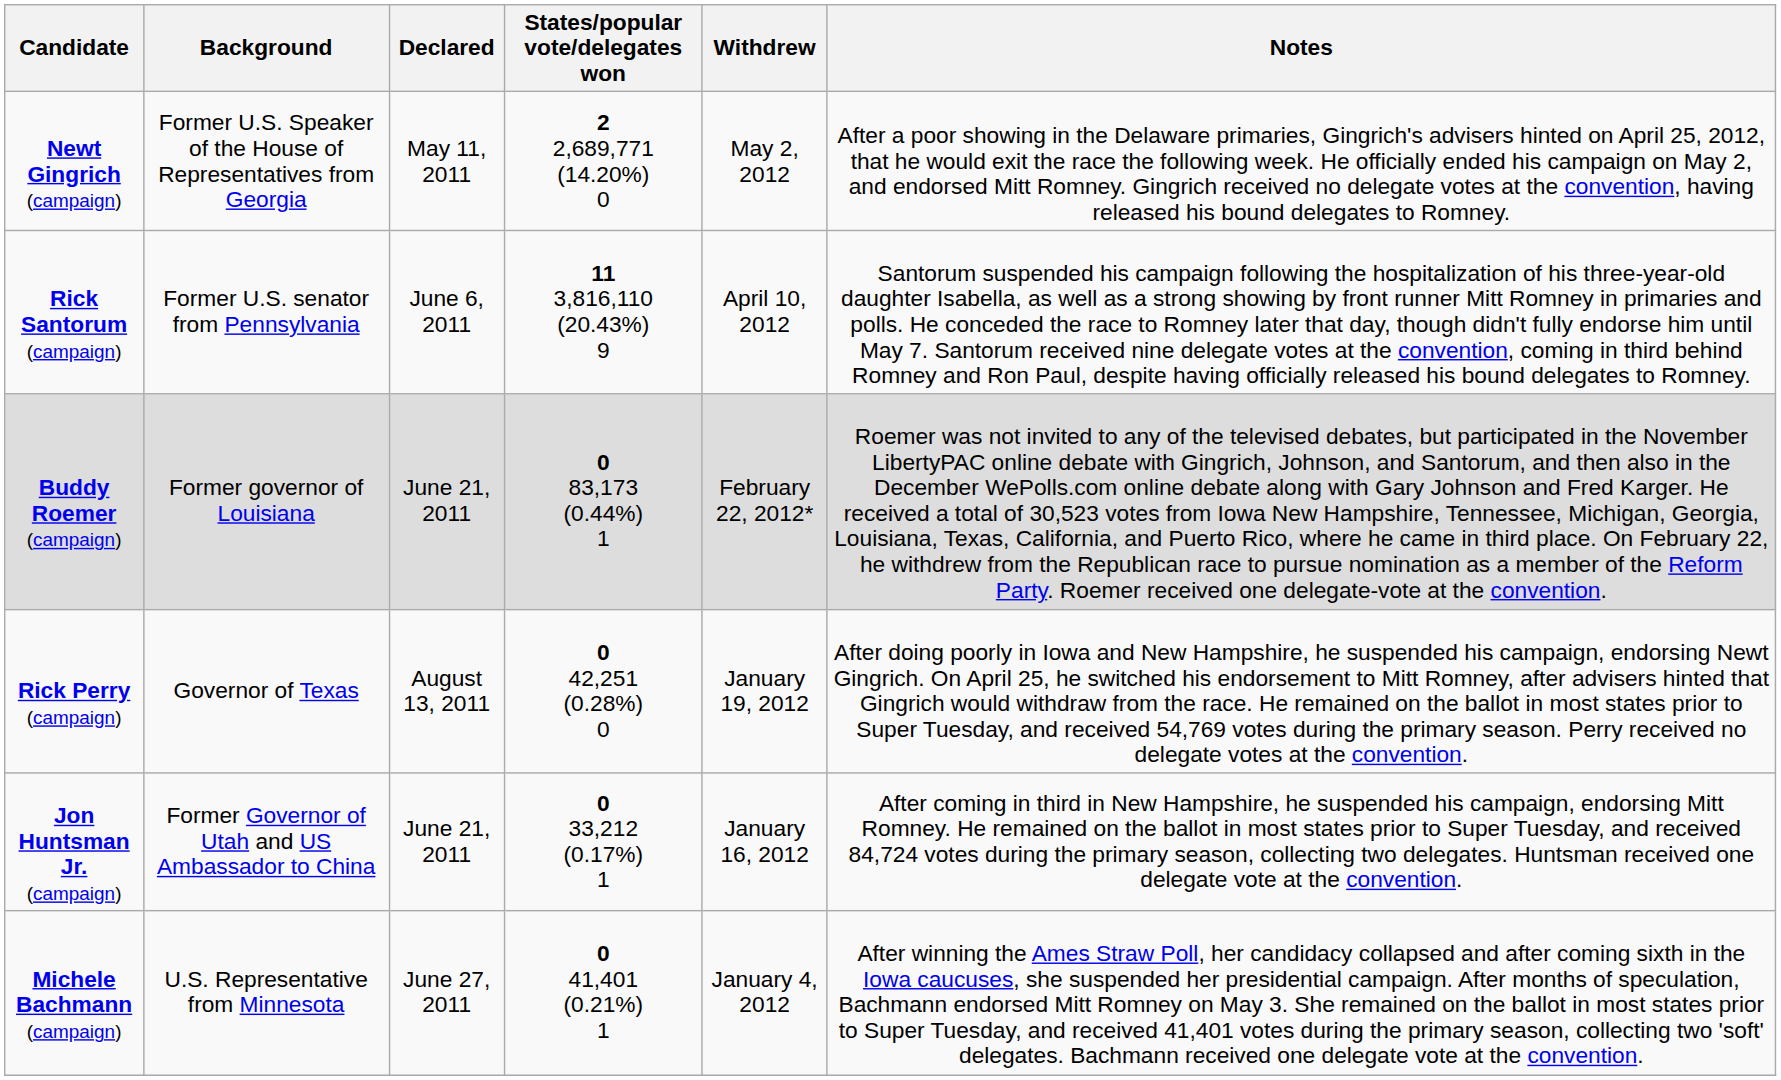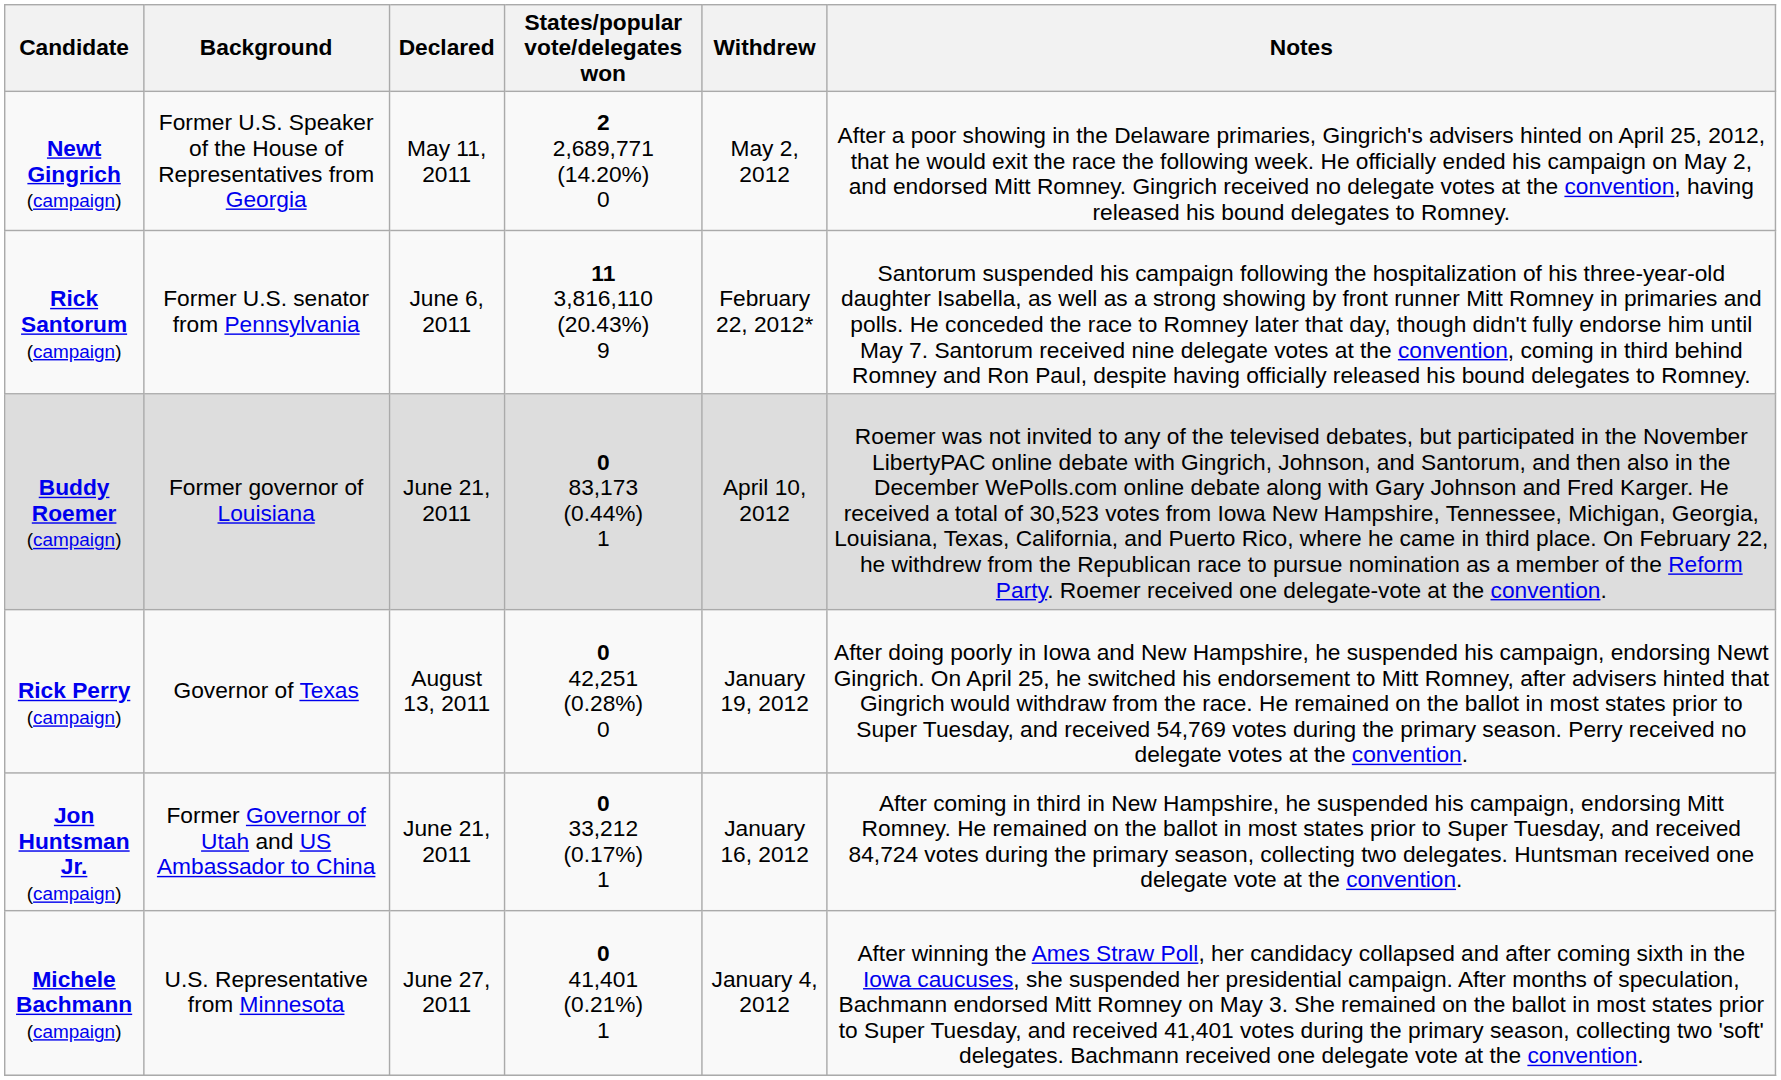 <table class=wikitable style="text-align:center">
 <tr>
 <th>Candidate</th>
 <th>Background</th>
 <th>Declared</th>
 <th>States/popular vote/delegates won</th>
 <th>Withdrew</th>
 <th>Notes</th>
 </tr>
 <tr>
 <td><br><strong><a href='#'>Newt Gingrich</a></strong><br><small>(<a href='#'>campaign</a>)</small></td>
 <td>Former U.S. Speaker of the House of Representatives from <a href='#'>Georgia</a></td>
 <td>May 11, 2011</td>
 <td><strong>2</strong><br>2,689,771<br>(14.20%)<br>0</td>
 <td>May 2, 2012</td>
 <td><br>After a poor showing in the Delaware primaries, Gingrich's advisers hinted on April 25, 2012, that he would exit the race the following week. He officially ended his campaign on May 2, and endorsed Mitt Romney. Gingrich received no delegate votes at the <a href='#'>convention</a>, having released his bound delegates to Romney.</td>
 </tr>
 <tr>
 <td><br><strong><a href='#'>Rick Santorum</a></strong><br><small>(<a href='#'>campaign</a>)</small></td>
 <td>Former U.S. senator from <a href='#'>Pennsylvania</a></td>
 <td>June 6, 2011</td>
 <td><strong>11</strong><br>3,816,110<br>(20.43%)<br>9</td>
-<td>April 10, 2012</td>
+<td>February 22, 2012*</td>
 <td><br>Santorum suspended his campaign following the hospitalization of his three-year-old daughter Isabella, as well as a strong showing by front runner Mitt Romney in primaries and polls. He conceded the race to Romney later that day, though didn't fully endorse him until May 7. Santorum received nine delegate votes at the <a href='#'>convention</a>, coming in third behind Romney and Ron Paul, despite having officially released his bound delegates to Romney.</td>
 </tr>
 <tr style="background: #DDDDDD">
 <td><br><strong><a href='#'>Buddy Roemer</a></strong><br><small>(<a href='#'>campaign</a>)</small></td>
 <td>Former governor of <a href='#'>Louisiana</a></td>
 <td>June 21, 2011</td>
 <td><strong>0</strong><br>83,173<br>(0.44%)<br>1</td>
-<td>February 22, 2012*</td>
+<td>April 10, 2012</td>
 <td><br>Roemer was not invited to any of the televised debates, but participated in the November LibertyPAC online debate with Gingrich, Johnson, and Santorum, and then also in the December WePolls.com online debate along with Gary Johnson and Fred Karger. He received a total of 30,523 votes from Iowa New Hampshire, Tennessee, Michigan, Georgia, Louisiana, Texas, California, and Puerto Rico, where he came in third place. On February 22, he withdrew from the Republican race to pursue nomination as a member of the <a href='#'>Reform Party</a>. Roemer received one delegate-vote at the <a href='#'>convention</a>.</td>
 </tr>
 <tr>
 <td><br><strong><a href='#'>Rick Perry</a></strong><br><small>(<a href='#'>campaign</a>)</small></td>
 <td>Governor of <a href='#'>Texas</a></td>
 <td>August 13, 2011</td>
 <td><strong>0</strong><br>42,251<br>(0.28%)<br>0</td>
 <td>January 19, 2012</td>
 <td><br>After doing poorly in Iowa and New Hampshire, he suspended his campaign, endorsing Newt Gingrich. On April 25, he switched his endorsement to Mitt Romney, after advisers hinted that Gingrich would withdraw from the race. He remained on the ballot in most states prior to Super Tuesday, and received 54,769 votes during the primary season. Perry received no delegate votes at the <a href='#'>convention</a>.</td>
 </tr>
 <tr>
 <td><br><strong><a href='#'>Jon Huntsman Jr.</a></strong><br><small>(<a href='#'>campaign</a>)</small></td>
 <td>Former <a href='#'>Governor of Utah</a> and <a href='#'>US Ambassador to China</a></td>
 <td>June 21, 2011</td>
 <td><strong>0</strong><br>33,212<br>(0.17%)<br>1</td>
 <td>January 16, 2012</td>
 <td>After coming in third in New Hampshire, he suspended his campaign, endorsing Mitt Romney. He remained on the ballot in most states prior to Super Tuesday, and received 84,724 votes during the primary season, collecting two delegates. Huntsman received one delegate vote at the <a href='#'>convention</a>.</td>
 </tr>
 <tr>
 <td><br><strong><a href='#'>Michele Bachmann</a></strong><br><small>(<a href='#'>campaign</a>)</small></td>
 <td>U.S. Representative from <a href='#'>Minnesota</a></td>
 <td>June 27, 2011</td>
 <td><strong>0</strong><br>41,401<br>(0.21%)<br>1</td>
 <td>January 4, 2012<br></td>
 <td><br>After winning the <a href='#'>Ames Straw Poll</a>, her candidacy collapsed and after coming sixth in the <a href='#'>Iowa caucuses</a>, she suspended her presidential campaign. After months of speculation, Bachmann endorsed Mitt Romney on May 3. She remained on the ballot in most states prior to Super Tuesday, and received 41,401 votes during the primary season, collecting two 'soft' delegates. Bachmann received one delegate vote at the <a href='#'>convention</a>.</td>
 </tr>
 <tr>
 </tr>
 </table>
